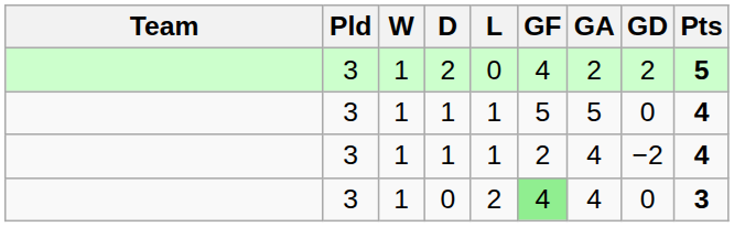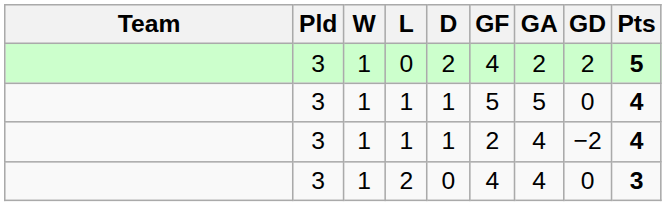 <table class="wikitable" style="text-align:center;">
 <tr>
 <th width=180>Team</th>
 <th width=20>Pld</th>
 <th width=20>W</th>
+<th width=20>L</th>
 <th width=20>D</th>
-<th width=20>L</th>
 <th width=20>GF</th>
 <th width=20>GA</th>
 <th width=20>GD</th>
 <th width=20>Pts</th>
 </tr>
 <tr bgcolor=#ccffcc>
 <td align="left"><em></em></td>
 <td>3</td>
 <td>1</td>
+<td>0</td>
 <td>2</td>
-<td>0</td>
 <td>4</td>
 <td>2</td>
 <td>2</td>
 <td><strong>5</strong></td>
 </tr>
 <tr>
 <td align="left"></td>
 <td>3</td>
 <td>1</td>
 <td>1</td>
 <td>1</td>
 <td>5</td>
 <td>5</td>
 <td>0</td>
 <td><strong>4</strong></td>
 </tr>
 <tr>
 <td align="left"></td>
 <td>3</td>
 <td>1</td>
 <td>1</td>
 <td>1</td>
 <td>2</td>
 <td>4</td>
 <td>−2</td>
 <td><strong>4</strong></td>
 </tr>
 <tr>
 <td align="left"></td>
 <td>3</td>
 <td>1</td>
+<td>2</td>
 <td>0</td>
-<td>2</td>
-<td style="background: lightgreen;">4</td>
+<td>4</td>
 <td>4</td>
 <td>0</td>
 <td><strong>3</strong></td>
 </tr>
 </table>
